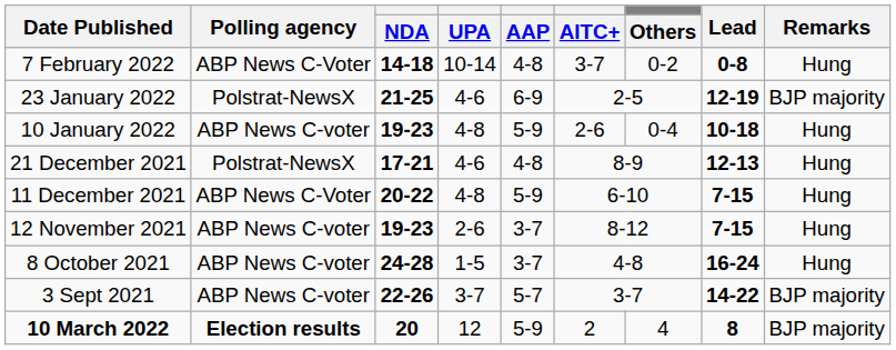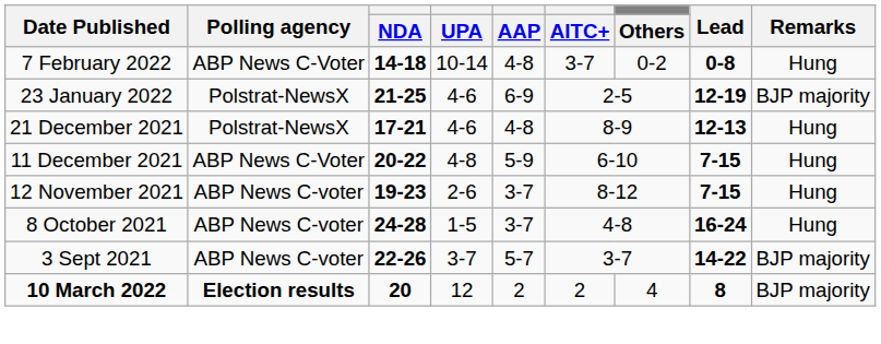 <table class="wikitable sortable" style="text-align:center;font-size:95%">
 <tr>
 <th rowspan="2">Date Published</th>
 <th rowspan="2">Polling agency</th>
 <th style="background:"></th>
 <th style="background:"></th>
 <th style="background:"></th>
 <th style="background:"></th>
 <th style="background:gray;"></th>
 <th rowspan="2">Lead</th>
 <th rowspan="2">Remarks</th>
 </tr>
 <tr>
 <th><a href='#'>NDA</a></th>
 <th><a href='#'>UPA</a></th>
 <th><a href='#'>AAP</a></th>
 <th><a href='#'>AITC+</a></th>
 <th>Others</th>
 </tr>
 <tr>
 <td>7 February 2022</td>
 <td>ABP News C-Voter</td>
 <td style="background:"><strong>14-18</strong></td>
 <td>10-14</td>
 <td>4-8</td>
 <td>3-7</td>
 <td>0-2</td>
 <td style="background:"><strong>0-8</strong></td>
 <td>Hung</td>
 </tr>
 <tr>
 <td>23 January 2022</td>
 <td>Polstrat-NewsX</td>
 <td style="background:"><strong>21-25</strong></td>
 <td>4-6</td>
 <td>6-9</td>
 <td colspan="2">2-5</td>
 <td style="background:"><strong>12-19</strong></td>
 <td>BJP majority</td>
-</tr>
-<tr>
-<td>10 January 2022</td>
-<td>ABP News C-voter</td>
-<td style="background:"><strong>19-23</strong></td>
-<td>4-8</td>
-<td>5-9</td>
-<td>2-6</td>
-<td>0-4</td>
-<td style="background:"><strong>10-18</strong></td>
-<td>Hung</td>
 </tr>
 <tr>
 <td>21 December 2021</td>
 <td>Polstrat-NewsX</td>
 <td style="background:"><strong>17-21</strong></td>
 <td>4-6</td>
 <td>4-8</td>
 <td colspan="2">8-9</td>
 <td style="background:"><strong>12-13</strong></td>
 <td>Hung</td>
 </tr>
 <tr>
 <td>11 December 2021</td>
 <td>ABP News C-Voter</td>
 <td style="background:"><strong>20-22</strong></td>
 <td>4-8</td>
 <td>5-9</td>
 <td colspan="2">6-10</td>
 <td style="background:"><strong>7-15</strong></td>
 <td>Hung</td>
 </tr>
 <tr>
 <td>12 November 2021</td>
 <td>ABP News C-voter</td>
 <td style="background:"><strong>19-23</strong></td>
 <td>2-6</td>
 <td>3-7</td>
 <td colspan="2">8-12</td>
 <td style="background:"><strong>7-15</strong></td>
 <td>Hung</td>
 </tr>
 <tr>
 <td>8 October 2021</td>
 <td>ABP News C-voter</td>
 <td style="background:"><strong>24-28</strong></td>
 <td>1-5</td>
 <td>3-7</td>
 <td colspan="2">4-8</td>
 <td style="background:"><strong>16-24</strong></td>
 <td>Hung</td>
 </tr>
 <tr>
 <td>3 Sept 2021</td>
 <td>ABP News C-voter</td>
 <td style="background:"><strong>22-26</strong></td>
 <td>3-7</td>
 <td>5-7</td>
 <td colspan="2">3-7</td>
 <td style="background:"><strong>14-22</strong></td>
 <td>BJP majority</td>
 </tr>
 <tr>
 <td style="background:"><strong>10 March 2022</strong></td>
 <td style="background:"><strong>Election results</strong></td>
 <td><strong>20</strong></td>
 <td style="background:">12</td>
-<td>5-9</td>
+<td style="background:">2</td>
 <td style="background:">2</td>
 <td style="background:">4</td>
 <td><strong>8</strong></td>
 <td style="background:">BJP majority</td>
 </tr>
 </table>
